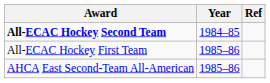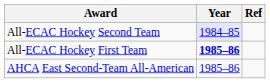 <table class="wikitable">
 <tr>
 <th>Award</th>
 <th>Year</th>
 <th>Ref</th>
 </tr>
 <tr>
-<td><strong>All-<a href='#'>ECAC Hockey</a> <a href='#'>Second Team</a></strong></td>
-<td><a href='#'>1984–85</a></td>
+<td>All-<a href='#'>ECAC Hockey</a> <a href='#'>Second Team</a></td>
+<td style="background: lavender;"><a href='#'>1984–85</a></td>
 <td></td>
 </tr>
 <tr>
 <td>All-<a href='#'>ECAC Hockey</a> <a href='#'>First Team</a></td>
-<td><a href='#'>1985–86</a></td>
+<td><strong><a href='#'>1985–86</a></strong></td>
 <td></td>
 </tr>
 <tr>
 <td><a href='#'>AHCA</a> <a href='#'>East Second-Team All-American</a></td>
 <td><a href='#'>1985–86</a></td>
 <td></td>
 </tr>
 </table>
